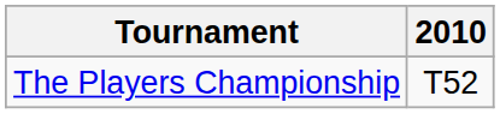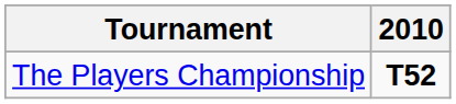 <table class="wikitable" style="font-size:95%;text-align:center;">
 <tr>
 <th>Tournament</th>
 <th>2010</th>
 </tr>
 <tr>
 <td align=left><a href='#'>The Players Championship</a></td>
-<td>T52</td>
+<td><strong>T52</strong></td>
 </tr>
 </table>
